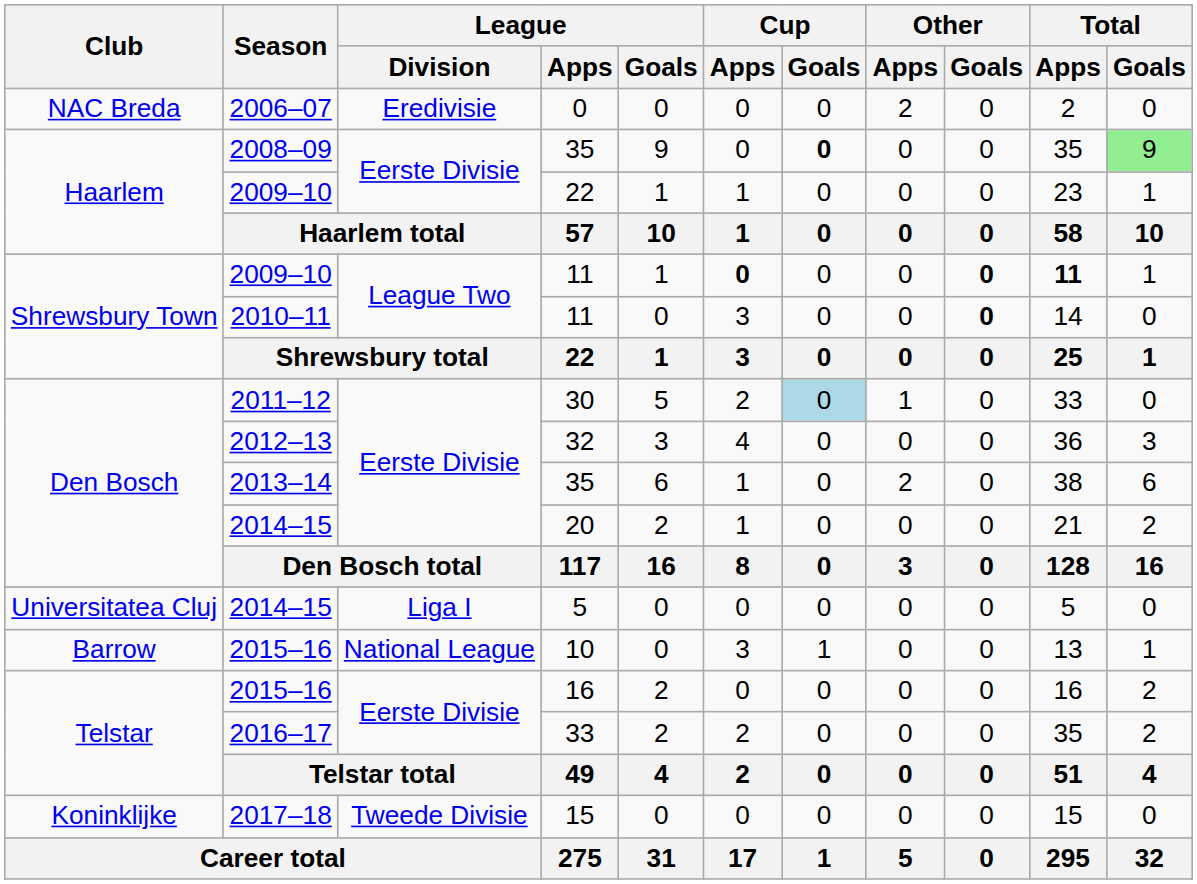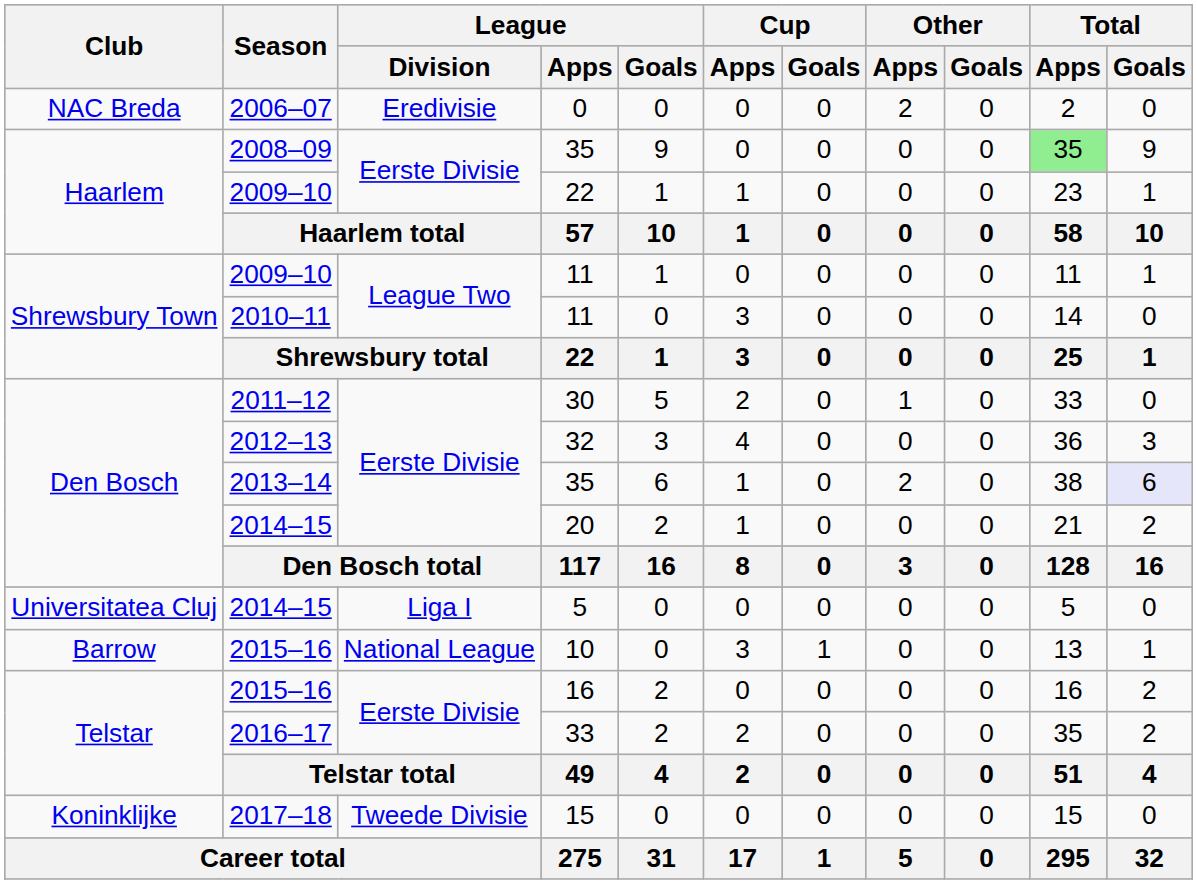 <table class="wikitable" style="text-align: center;">
 <tr>
 <th rowspan="2">Club</th>
 <th rowspan="2">Season</th>
 <th colspan="3">League</th>
 <th colspan="2">Cup</th>
 <th colspan="2">Other</th>
 <th colspan="2">Total</th>
 </tr>
 <tr>
 <th>Division</th>
 <th>Apps</th>
 <th>Goals</th>
 <th>Apps</th>
 <th>Goals</th>
 <th>Apps</th>
 <th>Goals</th>
 <th>Apps</th>
 <th>Goals</th>
 </tr>
 <tr>
 <td><a href='#'>NAC Breda</a></td>
 <td><a href='#'>2006–07</a></td>
 <td><a href='#'>Eredivisie</a></td>
 <td>0</td>
 <td>0</td>
 <td>0</td>
 <td>0</td>
 <td>2</td>
 <td>0</td>
 <td>2</td>
 <td>0</td>
 </tr>
 <tr>
 <td rowspan=3><a href='#'>Haarlem</a></td>
 <td><a href='#'>2008–09</a></td>
 <td rowspan=2><a href='#'>Eerste Divisie</a></td>
 <td>35</td>
 <td>9</td>
 <td>0</td>
-<td><strong>0</strong></td>
 <td>0</td>
 <td>0</td>
-<td>35</td>
-<td style="background: lightgreen;">9</td>
+<td>0</td>
+<td style="background: lightgreen;">35</td>
+<td>9</td>
 </tr>
 <tr>
 <td><a href='#'>2009–10</a></td>
 <td>22</td>
 <td>1</td>
 <td>1</td>
 <td>0</td>
 <td>0</td>
 <td>0</td>
 <td>23</td>
 <td>1</td>
 </tr>
 <tr>
 <th colspan=2>Haarlem total</th>
 <th>57</th>
 <th>10</th>
 <th>1</th>
 <th>0</th>
 <th>0</th>
 <th>0</th>
 <th>58</th>
 <th>10</th>
 </tr>
 <tr>
 <td rowspan=3><a href='#'>Shrewsbury Town</a></td>
 <td><a href='#'>2009–10</a></td>
 <td rowspan=2><a href='#'>League Two</a></td>
 <td>11</td>
 <td>1</td>
-<td><strong>0</strong></td>
 <td>0</td>
 <td>0</td>
-<td><strong>0</strong></td>
-<td><strong>11</strong></td>
+<td>0</td>
+<td>0</td>
+<td>11</td>
 <td>1</td>
 </tr>
 <tr>
 <td><a href='#'>2010–11</a></td>
 <td>11</td>
 <td>0</td>
 <td>3</td>
 <td>0</td>
 <td>0</td>
-<td><strong>0</strong></td>
+<td>0</td>
 <td>14</td>
 <td>0</td>
 </tr>
 <tr>
 <th colspan=2>Shrewsbury total</th>
 <th>22</th>
 <th>1</th>
 <th>3</th>
 <th>0</th>
 <th>0</th>
 <th>0</th>
 <th>25</th>
 <th>1</th>
 </tr>
 <tr>
 <td rowspan=5><a href='#'>Den Bosch</a></td>
 <td><a href='#'>2011–12</a></td>
 <td rowspan=4><a href='#'>Eerste Divisie</a></td>
 <td>30</td>
 <td>5</td>
 <td>2</td>
-<td style="background: lightblue;">0</td>
+<td>0</td>
 <td>1</td>
 <td>0</td>
 <td>33</td>
 <td>0</td>
 </tr>
 <tr>
 <td><a href='#'>2012–13</a></td>
 <td>32</td>
 <td>3</td>
 <td>4</td>
 <td>0</td>
 <td>0</td>
 <td>0</td>
 <td>36</td>
 <td>3</td>
 </tr>
 <tr>
 <td><a href='#'>2013–14</a></td>
 <td>35</td>
 <td>6</td>
 <td>1</td>
 <td>0</td>
 <td>2</td>
 <td>0</td>
 <td>38</td>
-<td>6</td>
+<td style="background: lavender;">6</td>
 </tr>
 <tr>
 <td><a href='#'>2014–15</a></td>
 <td>20</td>
 <td>2</td>
 <td>1</td>
 <td>0</td>
 <td>0</td>
 <td>0</td>
 <td>21</td>
 <td>2</td>
 </tr>
 <tr>
 <th colspan=2>Den Bosch total</th>
 <th>117</th>
 <th>16</th>
 <th>8</th>
 <th>0</th>
 <th>3</th>
 <th>0</th>
 <th>128</th>
 <th>16</th>
 </tr>
 <tr>
 <td><a href='#'>Universitatea Cluj</a></td>
 <td><a href='#'>2014–15</a></td>
 <td><a href='#'>Liga I</a></td>
 <td>5</td>
 <td>0</td>
 <td>0</td>
 <td>0</td>
 <td>0</td>
 <td>0</td>
 <td>5</td>
 <td>0</td>
 </tr>
 <tr>
 <td><a href='#'>Barrow</a></td>
 <td><a href='#'>2015–16</a></td>
 <td><a href='#'>National League</a></td>
 <td>10</td>
 <td>0</td>
 <td>3</td>
 <td>1</td>
 <td>0</td>
 <td>0</td>
 <td>13</td>
 <td>1</td>
 </tr>
 <tr>
 <td rowspan=3><a href='#'>Telstar</a></td>
 <td><a href='#'>2015–16</a></td>
 <td rowspan=2><a href='#'>Eerste Divisie</a></td>
 <td>16</td>
 <td>2</td>
 <td>0</td>
 <td>0</td>
 <td>0</td>
 <td>0</td>
 <td>16</td>
 <td>2</td>
 </tr>
 <tr>
 <td><a href='#'>2016–17</a></td>
 <td>33</td>
 <td>2</td>
 <td>2</td>
 <td>0</td>
 <td>0</td>
 <td>0</td>
 <td>35</td>
 <td>2</td>
 </tr>
 <tr>
 <th colspan=2>Telstar total</th>
 <th>49</th>
 <th>4</th>
 <th>2</th>
 <th>0</th>
 <th>0</th>
 <th>0</th>
 <th>51</th>
 <th>4</th>
 </tr>
 <tr>
 <td><a href='#'>Koninklijke</a></td>
 <td><a href='#'>2017–18</a></td>
 <td><a href='#'>Tweede Divisie</a></td>
 <td>15</td>
 <td>0</td>
 <td>0</td>
 <td>0</td>
 <td>0</td>
 <td>0</td>
 <td>15</td>
 <td>0</td>
 </tr>
 <tr>
 <th colspan=3>Career total</th>
 <th>275</th>
 <th>31</th>
 <th>17</th>
 <th>1</th>
 <th>5</th>
 <th>0</th>
 <th>295</th>
 <th>32</th>
 </tr>
 </table>
